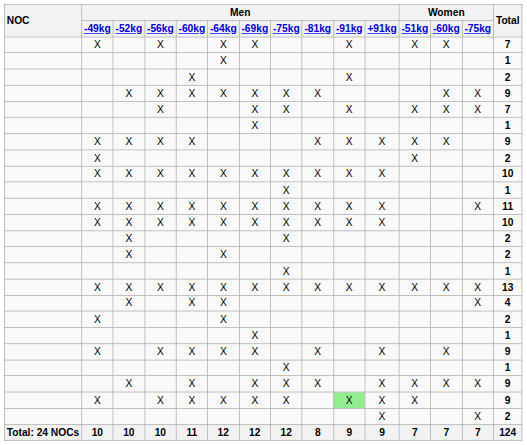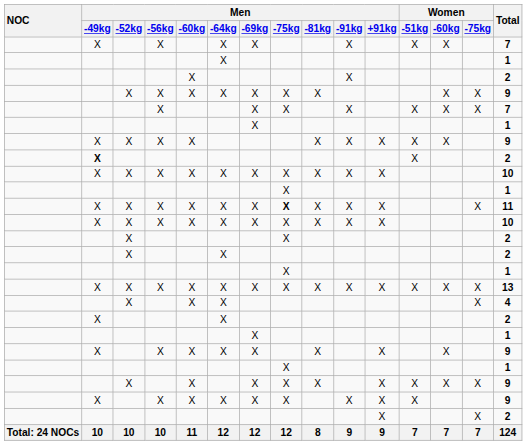 <table class="wikitable" style="text-align:center; font-size:90%">
 <tr>
 <th rowspan="2" style="text-align:left;">NOC</th>
 <th colspan="10">Men</th>
 <th colspan="3">Women</th>
 <th rowspan="2">Total</th>
 </tr>
 <tr>
 <th><a href='#'>-49kg</a></th>
 <th><a href='#'>-52kg</a></th>
 <th><a href='#'>-56kg</a></th>
 <th><a href='#'>-60kg</a></th>
 <th><a href='#'>-64kg</a></th>
 <th><a href='#'>-69kg</a></th>
 <th><a href='#'>-75kg</a></th>
 <th><a href='#'>-81kg</a></th>
 <th><a href='#'>-91kg</a></th>
 <th><a href='#'>+91kg</a></th>
 <th><a href='#'>-51kg</a></th>
 <th><a href='#'>-60kg</a></th>
 <th><a href='#'>-75kg</a></th>
 </tr>
 <tr>
 <td style="text-align:left;"></td>
 <td>X</td>
 <td></td>
 <td>X</td>
 <td></td>
 <td>X</td>
 <td>X</td>
 <td></td>
 <td></td>
 <td>X</td>
 <td></td>
 <td>X</td>
 <td>X</td>
 <td></td>
 <td><strong>7</strong></td>
 </tr>
 <tr>
 <td style="text-align:left;"></td>
 <td></td>
 <td></td>
 <td></td>
 <td></td>
 <td>X</td>
 <td></td>
 <td></td>
 <td></td>
 <td></td>
 <td></td>
 <td></td>
 <td></td>
 <td></td>
 <td><strong>1</strong></td>
 </tr>
 <tr>
 <td style="text-align:left;"></td>
 <td></td>
 <td></td>
 <td></td>
 <td>X</td>
 <td></td>
 <td></td>
 <td></td>
 <td></td>
 <td>X</td>
 <td></td>
 <td></td>
 <td></td>
 <td></td>
 <td><strong>2</strong></td>
 </tr>
 <tr>
 <td style="text-align:left;"></td>
 <td></td>
 <td>X</td>
 <td>X</td>
 <td>X</td>
 <td>X</td>
 <td>X</td>
 <td>X</td>
 <td>X</td>
 <td></td>
 <td></td>
 <td></td>
 <td>X</td>
 <td>X</td>
 <td><strong>9</strong></td>
 </tr>
 <tr>
 <td style="text-align:left;"></td>
 <td></td>
 <td></td>
 <td>X</td>
 <td></td>
 <td></td>
 <td>X</td>
 <td>X</td>
 <td></td>
 <td>X</td>
 <td></td>
 <td>X</td>
 <td>X</td>
 <td>X</td>
 <td><strong>7</strong></td>
 </tr>
 <tr>
 <td style="text-align:left;"></td>
 <td></td>
 <td></td>
 <td></td>
 <td></td>
 <td></td>
 <td>X</td>
 <td></td>
 <td></td>
 <td></td>
 <td></td>
 <td></td>
 <td></td>
 <td></td>
 <td><strong>1</strong></td>
 </tr>
 <tr>
 <td style="text-align:left;"></td>
 <td>X</td>
 <td>X</td>
 <td>X</td>
 <td>X</td>
 <td></td>
 <td></td>
 <td></td>
 <td>X</td>
 <td>X</td>
 <td>X</td>
 <td>X</td>
 <td>X</td>
 <td></td>
 <td><strong>9</strong></td>
 </tr>
 <tr>
 <td style="text-align:left;"></td>
-<td>X</td>
+<td><strong>X</strong></td>
 <td></td>
 <td></td>
 <td></td>
 <td></td>
 <td></td>
 <td></td>
 <td></td>
 <td></td>
 <td></td>
 <td>X</td>
 <td></td>
 <td></td>
 <td><strong>2</strong></td>
 </tr>
 <tr>
 <td style="text-align:left;"></td>
 <td>X</td>
 <td>X</td>
 <td>X</td>
 <td>X</td>
 <td>X</td>
 <td>X</td>
 <td>X</td>
 <td>X</td>
 <td>X</td>
 <td>X</td>
 <td></td>
 <td></td>
 <td></td>
 <td><strong>10</strong></td>
 </tr>
 <tr>
 <td style="text-align:left;"></td>
 <td></td>
 <td></td>
 <td></td>
 <td></td>
 <td></td>
 <td></td>
 <td>X</td>
 <td></td>
 <td></td>
 <td></td>
 <td></td>
 <td></td>
 <td></td>
 <td><strong>1</strong></td>
 </tr>
 <tr>
 <td style="text-align:left;"></td>
 <td>X</td>
 <td>X</td>
 <td>X</td>
 <td>X</td>
 <td>X</td>
 <td>X</td>
-<td>X</td>
+<td><strong>X</strong></td>
 <td>X</td>
 <td>X</td>
 <td>X</td>
 <td></td>
 <td></td>
 <td>X</td>
 <td><strong>11</strong></td>
 </tr>
 <tr>
 <td style="text-align:left;"></td>
 <td>X</td>
 <td>X</td>
 <td>X</td>
 <td>X</td>
 <td>X</td>
 <td>X</td>
 <td>X</td>
 <td>X</td>
 <td>X</td>
 <td>X</td>
 <td></td>
 <td></td>
 <td></td>
 <td><strong>10</strong></td>
 </tr>
 <tr>
 <td style="text-align:left;"></td>
 <td></td>
 <td>X</td>
 <td></td>
 <td></td>
 <td></td>
 <td></td>
 <td>X</td>
 <td></td>
 <td></td>
 <td></td>
 <td></td>
 <td></td>
 <td></td>
 <td><strong>2</strong></td>
 </tr>
 <tr>
 <td style="text-align:left;"></td>
 <td></td>
 <td>X</td>
 <td></td>
 <td></td>
 <td>X</td>
 <td></td>
 <td></td>
 <td></td>
 <td></td>
 <td></td>
 <td></td>
 <td></td>
 <td></td>
 <td><strong>2</strong></td>
 </tr>
 <tr>
 <td style="text-align:left;"></td>
 <td></td>
 <td></td>
 <td></td>
 <td></td>
 <td></td>
 <td></td>
 <td>X</td>
 <td></td>
 <td></td>
 <td></td>
 <td></td>
 <td></td>
 <td></td>
 <td><strong>1</strong></td>
 </tr>
 <tr>
 <td style="text-align:left;"></td>
 <td>X</td>
 <td>X</td>
 <td>X</td>
 <td>X</td>
 <td>X</td>
 <td>X</td>
 <td>X</td>
 <td>X</td>
 <td>X</td>
 <td>X</td>
 <td>X</td>
 <td>X</td>
 <td>X</td>
 <td><strong>13</strong></td>
 </tr>
 <tr>
 <td style="text-align:left;"></td>
 <td></td>
 <td>X</td>
 <td></td>
 <td>X</td>
 <td>X</td>
 <td></td>
 <td></td>
 <td></td>
 <td></td>
 <td></td>
 <td></td>
 <td></td>
 <td>X</td>
 <td><strong>4</strong></td>
 </tr>
 <tr>
 <td style="text-align:left;"></td>
 <td>X</td>
 <td></td>
 <td></td>
 <td></td>
 <td>X</td>
 <td></td>
 <td></td>
 <td></td>
 <td></td>
 <td></td>
 <td></td>
 <td></td>
 <td></td>
 <td><strong>2</strong></td>
 </tr>
 <tr>
 <td style="text-align:left;"></td>
 <td></td>
 <td></td>
 <td></td>
 <td></td>
 <td></td>
 <td>X</td>
 <td></td>
 <td></td>
 <td></td>
 <td></td>
 <td></td>
 <td></td>
 <td></td>
 <td><strong>1</strong></td>
 </tr>
 <tr>
 <td style="text-align:left;"></td>
 <td>X</td>
 <td></td>
 <td>X</td>
 <td>X</td>
 <td>X</td>
 <td>X</td>
 <td></td>
 <td>X</td>
 <td></td>
 <td>X</td>
 <td></td>
 <td>X</td>
 <td></td>
 <td><strong>9</strong></td>
 </tr>
 <tr>
 <td style="text-align:left;"></td>
 <td></td>
 <td></td>
 <td></td>
 <td></td>
 <td></td>
 <td></td>
 <td>X</td>
 <td></td>
 <td></td>
 <td></td>
 <td></td>
 <td></td>
 <td></td>
 <td><strong>1</strong></td>
 </tr>
 <tr>
 <td style="text-align:left;"></td>
 <td></td>
 <td>X</td>
 <td></td>
 <td>X</td>
 <td></td>
 <td>X</td>
 <td>X</td>
 <td>X</td>
 <td></td>
 <td>X</td>
 <td>X</td>
 <td>X</td>
 <td>X</td>
 <td><strong>9</strong></td>
 </tr>
 <tr>
 <td style="text-align:left;"></td>
 <td>X</td>
 <td></td>
 <td>X</td>
 <td>X</td>
 <td>X</td>
 <td>X</td>
 <td>X</td>
 <td></td>
-<td style="background: lightgreen;">X</td>
+<td>X</td>
 <td>X</td>
 <td>X</td>
 <td></td>
 <td></td>
 <td><strong>9</strong></td>
 </tr>
 <tr>
 <td style="text-align:left;"></td>
 <td></td>
 <td></td>
 <td></td>
 <td></td>
 <td></td>
 <td></td>
 <td></td>
 <td></td>
 <td></td>
 <td>X</td>
 <td></td>
 <td></td>
 <td>X</td>
 <td><strong>2</strong></td>
 </tr>
 <tr>
 <th>Total: 24 NOCs</th>
 <th>10</th>
 <th>10</th>
 <th>10</th>
 <th>11</th>
 <th>12</th>
 <th>12</th>
 <th>12</th>
 <th>8</th>
 <th>9</th>
 <th>9</th>
 <th>7</th>
 <th>7</th>
 <th>7</th>
 <th>124</th>
 </tr>
 </table>
